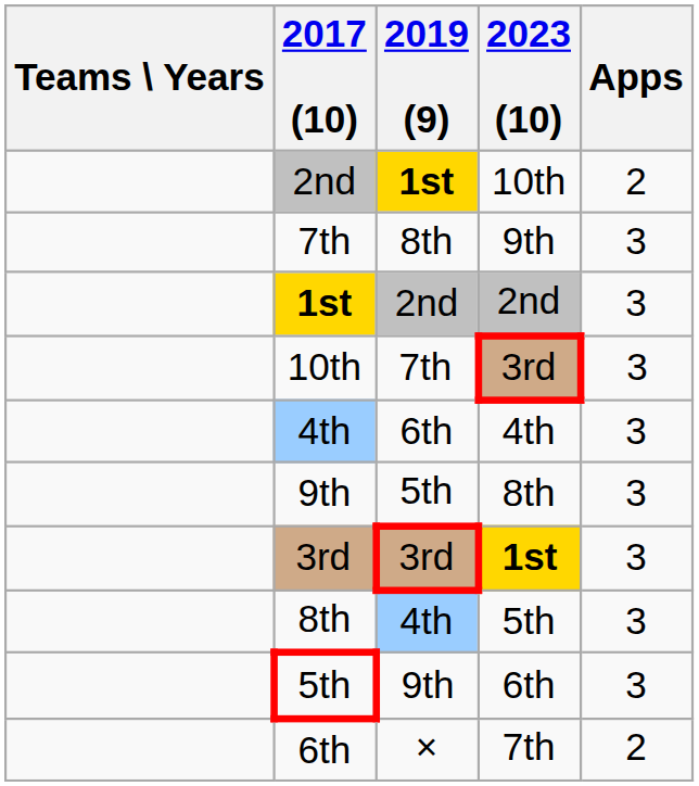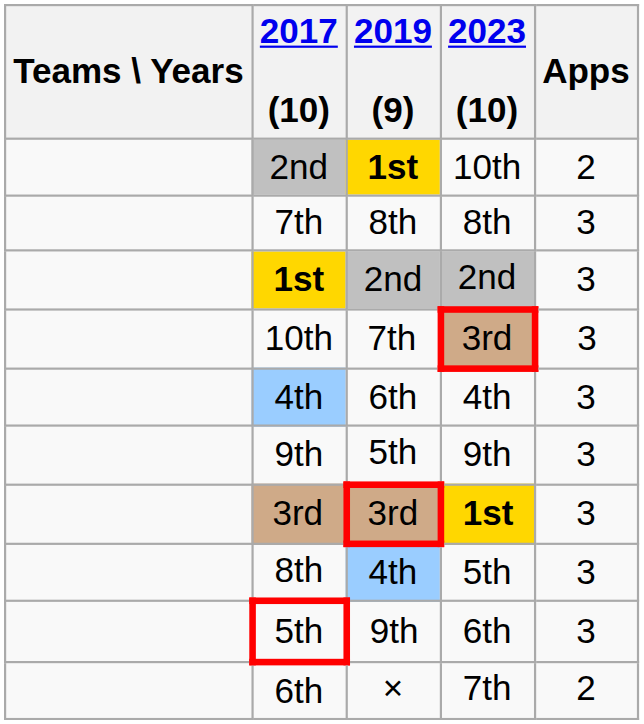 <table class="wikitable" style="text-align: center">
 <tr>
 <th valign=center>Teams \ Years</th>
 <th><a href='#'>2017</a><br> <br> (10)</th>
 <th><a href='#'>2019</a><br> <br> (9)</th>
 <th><a href='#'>2023</a><br> <br> (10)</th>
 <th valign=center>Apps</th>
 </tr>
 <tr>
 <td align=left></td>
 <td bgcolor=silver>2nd</td>
 <td bgcolor=gold><strong>1st</strong></td>
 <td>10th</td>
 <td>2</td>
 </tr>
 <tr>
 <td align=left></td>
 <td>7th</td>
 <td>8th</td>
-<td>9th</td>
+<td>8th</td>
 <td>3</td>
 </tr>
 <tr>
 <td align=left></td>
 <td bgcolor=gold><strong>1st</strong></td>
 <td bgcolor=silver>2nd</td>
 <td bgcolor=silver>2nd</td>
 <td>3</td>
 </tr>
 <tr>
 <td align=left></td>
 <td>10th</td>
 <td>7th</td>
 <td style="border:3px solid red" bgcolor=#cfaa88>3rd</td>
 <td>3</td>
 </tr>
 <tr>
 <td align=left></td>
 <td bgcolor=#9acdff>4th</td>
 <td>6th</td>
 <td>4th</td>
 <td>3</td>
 </tr>
 <tr>
 <td align=left></td>
 <td>9th</td>
 <td>5th</td>
-<td>8th</td>
+<td>9th</td>
 <td>3</td>
 </tr>
 <tr>
 <td align=left></td>
 <td bgcolor=#cfaa88>3rd</td>
 <td style="border:3px solid red" bgcolor=#cfaa88>3rd</td>
 <td bgcolor=gold><strong>1st</strong></td>
 <td>3</td>
 </tr>
 <tr>
 <td align=left></td>
 <td>8th</td>
 <td bgcolor=#9acdff>4th</td>
 <td>5th</td>
 <td>3</td>
 </tr>
 <tr>
 <td align=left></td>
 <td style="border:3px solid red">5th</td>
 <td>9th</td>
 <td>6th</td>
 <td>3</td>
 </tr>
 <tr>
 <td align=left></td>
 <td>6th</td>
 <td>×</td>
 <td>7th</td>
 <td>2</td>
 </tr>
 </table>
